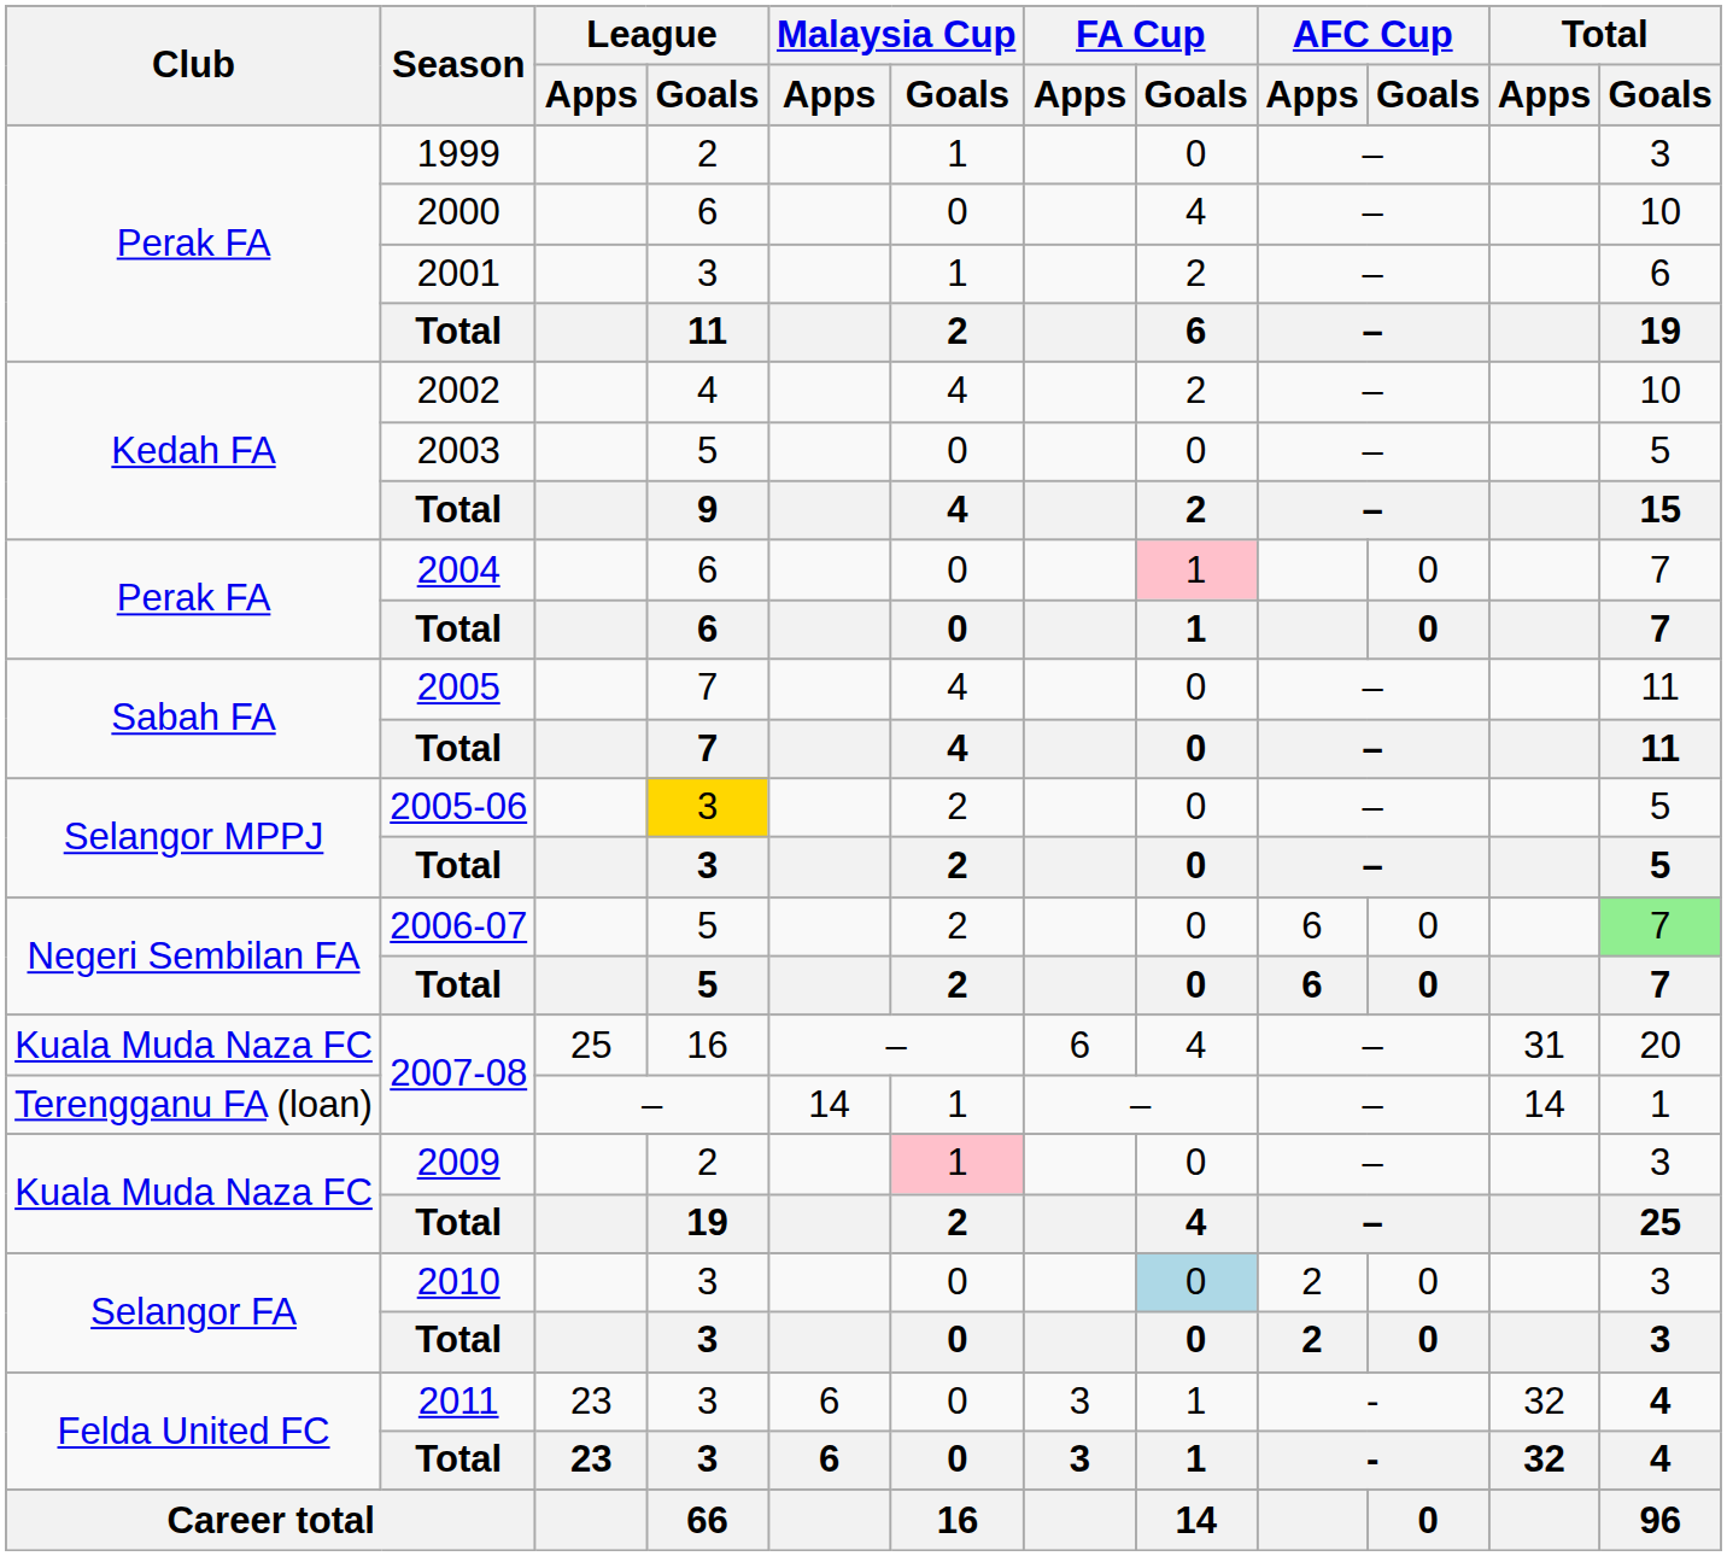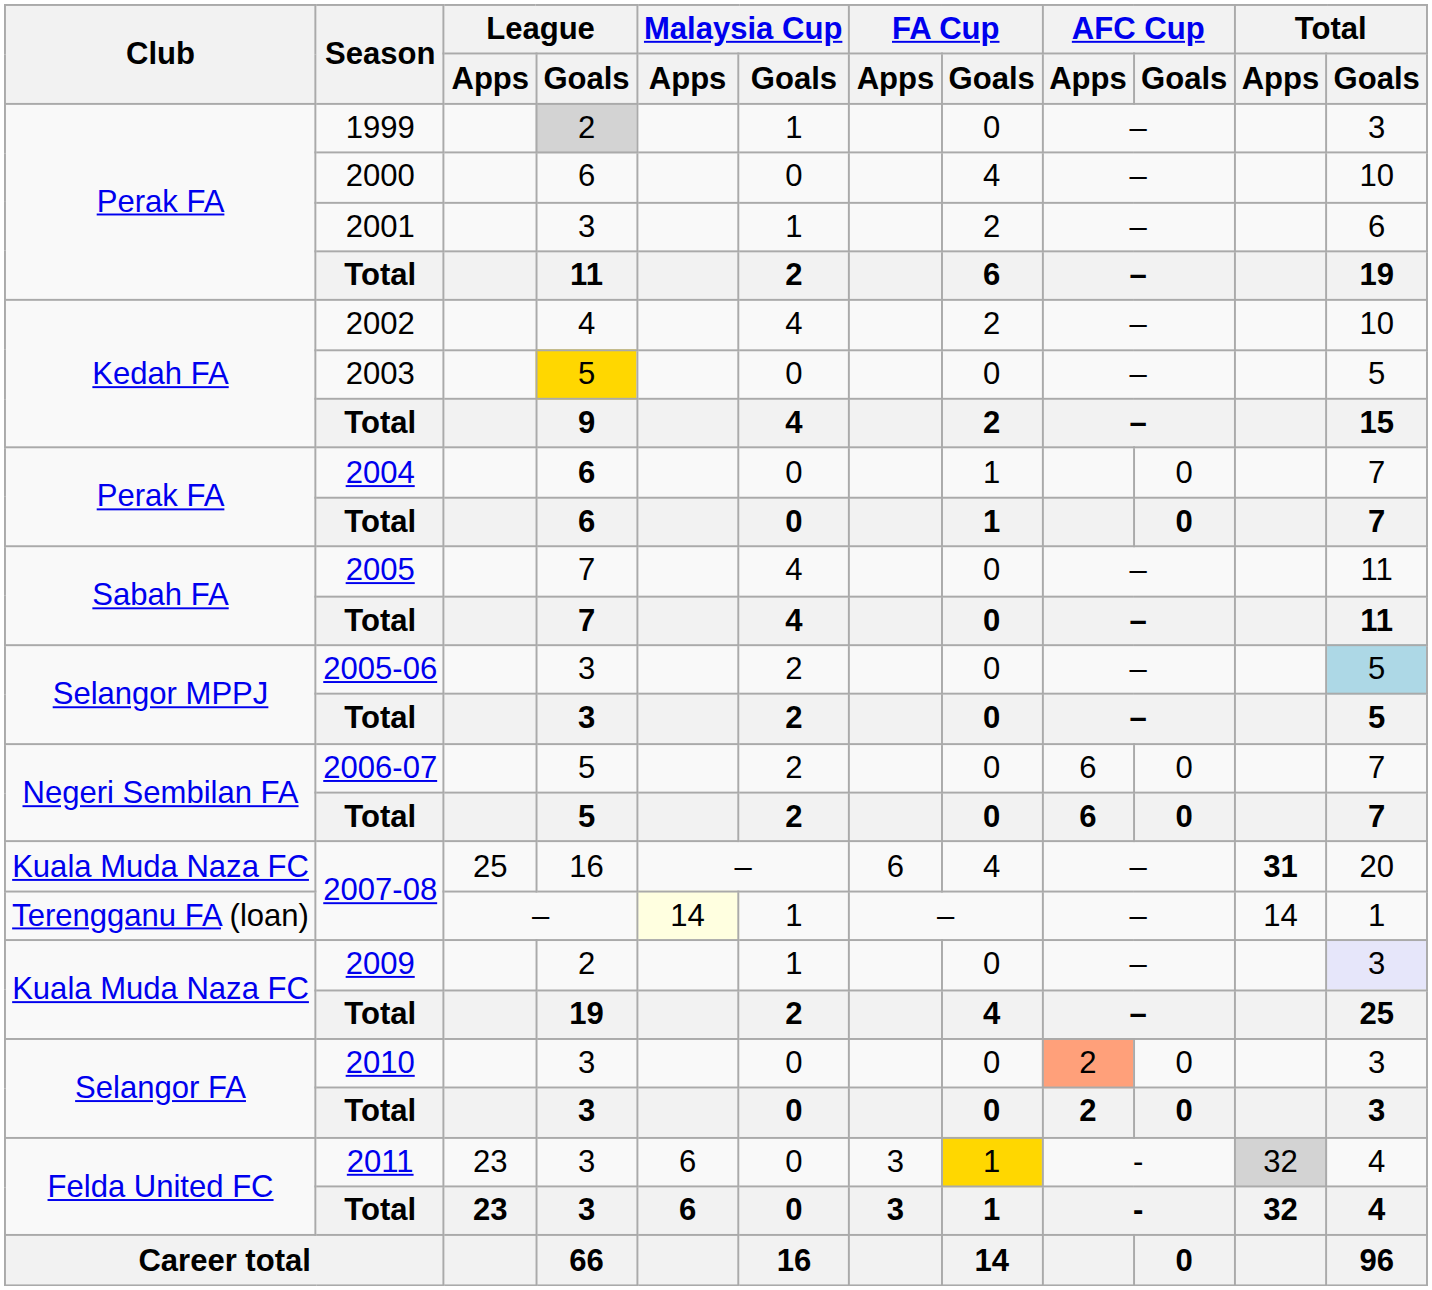 <table class="wikitable" style="text-align: center;">
 <tr>
 <th rowspan="2">Club</th>
 <th rowspan="2">Season</th>
 <th colspan="2">League</th>
 <th colspan="2"><a href='#'>Malaysia Cup</a></th>
 <th colspan="2"><a href='#'>FA Cup</a></th>
 <th colspan="2"><a href='#'>AFC Cup</a></th>
 <th colspan="2">Total</th>
 </tr>
 <tr>
 <th>Apps</th>
 <th>Goals</th>
 <th>Apps</th>
 <th>Goals</th>
 <th>Apps</th>
 <th>Goals</th>
 <th>Apps</th>
 <th>Goals</th>
 <th>Apps</th>
 <th>Goals</th>
 </tr>
 <tr>
 <td rowspan="4" valign="center"><a href='#'>Perak FA</a></td>
 <td>1999</td>
 <td></td>
-<td>2</td>
+<td style="background: lightgrey;">2</td>
 <td></td>
 <td>1</td>
 <td></td>
 <td>0</td>
 <td colspan="2">–</td>
 <td></td>
 <td>3</td>
 </tr>
 <tr>
 <td>2000</td>
 <td></td>
 <td>6</td>
 <td></td>
 <td>0</td>
 <td></td>
 <td>4</td>
 <td colspan="2">–</td>
 <td></td>
 <td>10</td>
 </tr>
 <tr>
 <td>2001</td>
 <td></td>
 <td>3</td>
 <td></td>
 <td>1</td>
 <td></td>
 <td>2</td>
 <td colspan="2">–</td>
 <td></td>
 <td>6</td>
 </tr>
 <tr>
 <th>Total</th>
 <th></th>
 <th>11</th>
 <th></th>
 <th>2</th>
 <th></th>
 <th>6</th>
 <th colspan="2">–</th>
 <th></th>
 <th>19</th>
 </tr>
 <tr>
 <td rowspan="3" valign="center"><a href='#'>Kedah FA</a></td>
 <td>2002</td>
 <td></td>
 <td>4</td>
 <td></td>
 <td>4</td>
 <td></td>
 <td>2</td>
 <td colspan="2">–</td>
 <td></td>
 <td>10</td>
 </tr>
 <tr>
 <td>2003</td>
 <td></td>
-<td>5</td>
+<td style="background: gold;">5</td>
 <td></td>
 <td>0</td>
 <td></td>
 <td>0</td>
 <td colspan="2">–</td>
 <td></td>
 <td>5</td>
 </tr>
 <tr>
 <th>Total</th>
 <th></th>
 <th>9</th>
 <th></th>
 <th>4</th>
 <th></th>
 <th>2</th>
 <th colspan="2">–</th>
 <th></th>
 <th>15</th>
 </tr>
 <tr>
 <td rowspan="2" valign="center"><a href='#'>Perak FA</a></td>
 <td><a href='#'>2004</a></td>
 <td></td>
-<td>6</td>
+<td><strong>6</strong></td>
 <td></td>
 <td>0</td>
 <td></td>
-<td style="background: pink;">1</td>
+<td>1</td>
 <td></td>
 <td>0</td>
 <td></td>
 <td>7</td>
 </tr>
 <tr>
 <th>Total</th>
 <th></th>
 <th>6</th>
 <th></th>
 <th>0</th>
 <th></th>
 <th>1</th>
 <th></th>
 <th>0</th>
 <th></th>
 <th>7</th>
 </tr>
 <tr>
 <td rowspan="2" valign="center"><a href='#'>Sabah FA</a></td>
 <td><a href='#'>2005</a></td>
 <td></td>
 <td>7</td>
 <td></td>
 <td>4</td>
 <td></td>
 <td>0</td>
 <td colspan="2">–</td>
 <td></td>
 <td>11</td>
 </tr>
 <tr>
 <th>Total</th>
 <th></th>
 <th>7</th>
 <th></th>
 <th>4</th>
 <th></th>
 <th>0</th>
 <th colspan="2">–</th>
 <th></th>
 <th>11</th>
 </tr>
 <tr>
 <td rowspan="2" valign="center"><a href='#'>Selangor MPPJ</a></td>
 <td><a href='#'>2005-06</a></td>
 <td></td>
-<td style="background: gold;">3</td>
+<td>3</td>
 <td></td>
 <td>2</td>
 <td></td>
 <td>0</td>
 <td colspan="2">–</td>
 <td></td>
-<td>5</td>
+<td style="background: lightblue;">5</td>
 </tr>
 <tr>
 <th>Total</th>
 <th></th>
 <th>3</th>
 <th></th>
 <th>2</th>
 <th></th>
 <th>0</th>
 <th colspan="2">–</th>
 <th></th>
 <th>5</th>
 </tr>
 <tr>
 <td rowspan="2" valign="center"><a href='#'>Negeri Sembilan FA</a></td>
 <td><a href='#'>2006-07</a></td>
 <td></td>
 <td>5</td>
 <td></td>
 <td>2</td>
 <td></td>
 <td>0</td>
 <td>6</td>
 <td>0</td>
 <td></td>
-<td style="background: lightgreen;">7</td>
+<td>7</td>
 </tr>
 <tr>
 <th>Total</th>
 <th></th>
 <th>5</th>
 <th></th>
 <th>2</th>
 <th></th>
 <th>0</th>
 <th>6</th>
 <th>0</th>
 <th></th>
 <th>7</th>
 </tr>
 <tr>
 <td valign="center"><a href='#'>Kuala Muda Naza FC</a></td>
 <td rowspan="2"><a href='#'>2007-08</a></td>
 <td>25</td>
 <td>16</td>
 <td colspan="2">–</td>
 <td>6</td>
 <td>4</td>
 <td colspan="2">–</td>
-<td>31</td>
+<td><strong>31</strong></td>
 <td>20</td>
 </tr>
 <tr>
 <td valign="center"><a href='#'>Terengganu FA</a> (loan)</td>
 <td colspan="2">–</td>
-<td>14</td>
+<td style="background: lightyellow;">14</td>
 <td>1</td>
 <td colspan="2">–</td>
 <td colspan="2">–</td>
 <td>14</td>
 <td>1</td>
 </tr>
 <tr>
 <td rowspan="2" valign="center"><a href='#'>Kuala Muda Naza FC</a></td>
 <td><a href='#'>2009</a></td>
 <td></td>
 <td>2</td>
 <td></td>
-<td style="background: pink;">1</td>
+<td>1</td>
 <td></td>
 <td>0</td>
 <td colspan="2">–</td>
 <td></td>
-<td>3</td>
+<td style="background: lavender;">3</td>
 </tr>
 <tr>
 <th>Total</th>
 <th></th>
 <th>19</th>
 <th></th>
 <th>2</th>
 <th></th>
 <th>4</th>
 <th colspan="2">–</th>
 <th></th>
 <th>25</th>
 </tr>
 <tr>
 <td rowspan="2" valign="center"><a href='#'>Selangor FA</a></td>
 <td><a href='#'>2010</a></td>
 <td></td>
 <td>3</td>
 <td></td>
 <td>0</td>
 <td></td>
-<td style="background: lightblue;">0</td>
-<td>2</td>
+<td>0</td>
+<td style="background: lightsalmon;">2</td>
 <td>0</td>
 <td></td>
 <td>3</td>
 </tr>
 <tr>
 <th>Total</th>
 <th></th>
 <th>3</th>
 <th></th>
 <th>0</th>
 <th></th>
 <th>0</th>
 <th>2</th>
 <th>0</th>
 <th></th>
 <th>3</th>
 </tr>
 <tr>
 <td rowspan="2" valign="center"><a href='#'>Felda United FC</a></td>
 <td><a href='#'>2011</a></td>
 <td>23</td>
 <td>3</td>
 <td>6</td>
 <td>0</td>
 <td>3</td>
-<td>1</td>
+<td style="background: gold;">1</td>
 <td colspan="2">-</td>
-<td>32</td>
-<td><strong>4</strong></td>
+<td style="background: lightgrey;">32</td>
+<td>4</td>
 </tr>
 <tr>
 <th>Total</th>
 <th>23</th>
 <th>3</th>
 <th>6</th>
 <th>0</th>
 <th>3</th>
 <th>1</th>
 <th colspan="2">-</th>
 <th>32</th>
 <th>4</th>
 </tr>
 <tr>
 <th colspan="2">Career total</th>
 <th></th>
 <th>66</th>
 <th></th>
 <th>16</th>
 <th></th>
 <th>14</th>
 <th></th>
 <th>0</th>
 <th></th>
 <th>96</th>
 </tr>
 </table>
